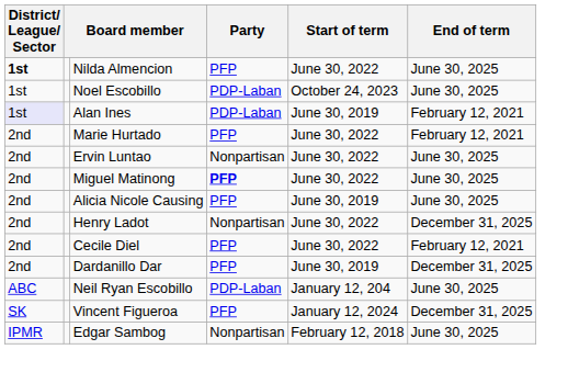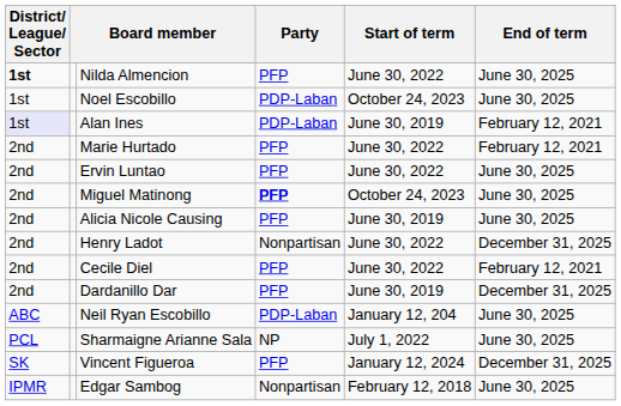 <table class="wikitable">
 <tr>
 <th>District/<br>League/<br>Sector</th>
 <th colspan="2">Board member</th>
 <th>Party</th>
 <th>Start of term</th>
 <th>End of term</th>
 </tr>
 <tr>
 <td><strong>1st</strong></td>
 <td></td>
 <td>Nilda Almencion</td>
 <td><a href='#'>PFP</a></td>
 <td>June 30, 2022</td>
 <td>June 30, 2025</td>
 </tr>
 <tr>
 <td>1st</td>
 <td></td>
 <td>Noel Escobillo</td>
 <td><a href='#'>PDP-Laban</a></td>
 <td>October 24, 2023</td>
 <td>June 30, 2025</td>
 </tr>
 <tr>
 <td style="background: lavender;">1st</td>
 <td></td>
 <td>Alan Ines</td>
 <td><a href='#'>PDP-Laban</a></td>
 <td>June 30, 2019</td>
 <td>February 12, 2021</td>
 </tr>
 <tr>
 <td>2nd</td>
 <td></td>
 <td>Marie Hurtado</td>
 <td><a href='#'>PFP</a></td>
 <td>June 30, 2022</td>
 <td>February 12, 2021</td>
 </tr>
 <tr>
 <td>2nd</td>
 <td></td>
 <td>Ervin Luntao</td>
-<td>Nonpartisan</td>
+<td><a href='#'>PFP</a></td>
 <td>June 30, 2022</td>
 <td>June 30, 2025</td>
 </tr>
 <tr>
 <td>2nd</td>
 <td></td>
 <td>Miguel Matinong</td>
 <td><strong><a href='#'>PFP</a></strong></td>
-<td>June 30, 2022</td>
+<td>October 24, 2023</td>
 <td>June 30, 2025</td>
 </tr>
 <tr>
 <td>2nd</td>
 <td></td>
 <td>Alicia Nicole Causing</td>
 <td><a href='#'>PFP</a></td>
 <td>June 30, 2019</td>
 <td>June 30, 2025</td>
 </tr>
 <tr>
 <td>2nd</td>
 <td></td>
 <td>Henry Ladot</td>
 <td>Nonpartisan</td>
 <td>June 30, 2022</td>
 <td>December 31, 2025</td>
 </tr>
 <tr>
 <td>2nd</td>
 <td></td>
 <td>Cecile Diel</td>
 <td><a href='#'>PFP</a></td>
 <td>June 30, 2022</td>
 <td>February 12, 2021</td>
 </tr>
 <tr>
 <td>2nd</td>
 <td></td>
 <td>Dardanillo Dar</td>
 <td><a href='#'>PFP</a></td>
 <td>June 30, 2019</td>
 <td>December 31, 2025</td>
 </tr>
 <tr>
 <td><a href='#'>ABC</a></td>
 <td></td>
 <td>Neil Ryan Escobillo</td>
 <td><a href='#'>PDP-Laban</a></td>
 <td>January 12, 204</td>
 <td>June 30, 2025</td>
 </tr>
 <tr>
+<td><a href='#'>PCL</a></td>
+<td></td>
+<td>Sharmaigne Arianne Sala</td>
+<td>NP</td>
+<td>July 1, 2022</td>
+<td>June 30, 2025</td>
+</tr>
+<tr>
 <td><a href='#'>SK</a></td>
 <td></td>
 <td>Vincent Figueroa</td>
 <td><a href='#'>PFP</a></td>
 <td>January 12, 2024</td>
 <td>December 31, 2025</td>
 </tr>
 <tr>
 <td><a href='#'>IPMR</a></td>
 <td></td>
 <td>Edgar Sambog</td>
 <td>Nonpartisan</td>
 <td>February 12, 2018</td>
 <td>June 30, 2025</td>
 </tr>
 </table>
